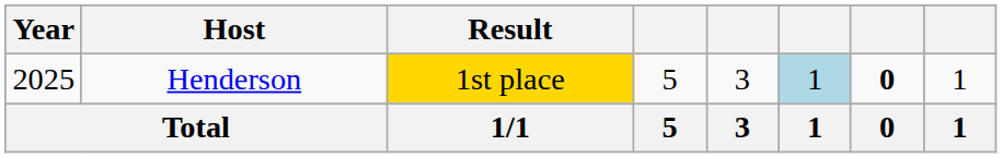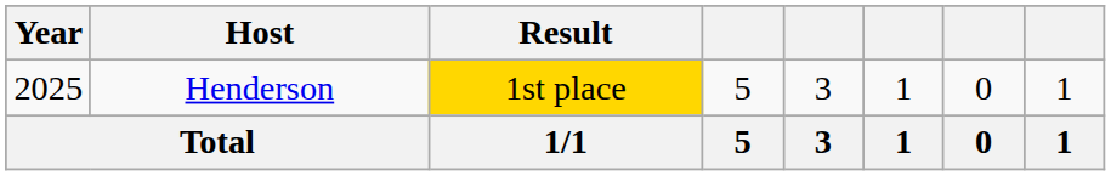 <table class="wikitable" style="text-align:center">
 <tr>
 <th width=30>Year</th>
 <th width=150>Host</th>
 <th width=120>Result</th>
 <th width=30></th>
 <th width=30></th>
 <th width=30></th>
 <th width=30></th>
 <th width=30></th>
 </tr>
 <tr>
 <td>2025</td>
 <td> <a href='#'>Henderson</a></td>
 <td bgcolor="gold"> 1st place</td>
 <td>5</td>
 <td>3</td>
-<td style="background: lightblue;">1</td>
-<td><strong>0</strong></td>
+<td>1</td>
+<td>0</td>
 <td>1</td>
 </tr>
 <tr>
 <th colspan=2>Total</th>
 <th>1/1</th>
 <th>5</th>
 <th>3</th>
 <th>1</th>
 <th>0</th>
 <th>1</th>
 </tr>
 </table>
